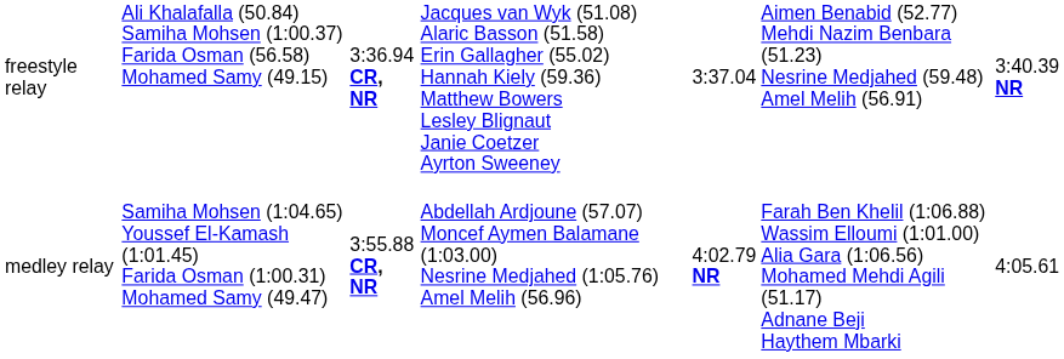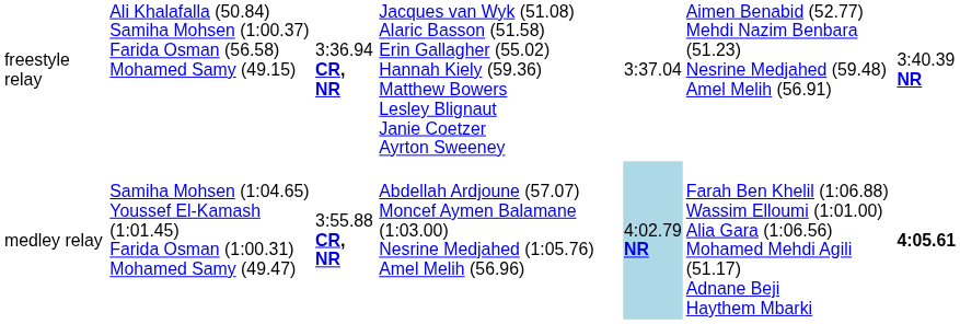 <table>
 <tr>
 <td> freestyle relay<br></td>
 <td valign=top><br><a href='#'>Ali Khalafalla</a> (50.84)<br><a href='#'>Samiha Mohsen</a> (1:00.37)<br><a href='#'>Farida Osman</a> (56.58)<br><a href='#'>Mohamed Samy</a> (49.15)</td>
 <td>3:36.94<br><strong><a href='#'>CR</a>, <a href='#'>NR</a></strong></td>
 <td valign=top><br><a href='#'>Jacques van Wyk</a> (51.08)<br><a href='#'>Alaric Basson</a> (51.58)<br><a href='#'>Erin Gallagher</a> (55.02)<br><a href='#'>Hannah Kiely</a> (59.36)<br><a href='#'>Matthew Bowers</a><br><a href='#'>Lesley Blignaut</a><br><a href='#'>Janie Coetzer</a><br><a href='#'>Ayrton Sweeney</a></td>
 <td>3:37.04</td>
 <td valign=top><br><a href='#'>Aimen Benabid</a> (52.77)<br><a href='#'>Mehdi Nazim Benbara</a> (51.23)<br><a href='#'>Nesrine Medjahed</a> (59.48)<br><a href='#'>Amel Melih</a> (56.91)</td>
 <td>3:40.39<br><strong><a href='#'>NR</a></strong></td>
 </tr>
 <tr>
 <td> medley relay<br></td>
 <td valign=top><br><a href='#'>Samiha Mohsen</a> (1:04.65)<br><a href='#'>Youssef El-Kamash</a> (1:01.45)<br><a href='#'>Farida Osman</a> (1:00.31)<br><a href='#'>Mohamed Samy</a> (49.47)</td>
 <td>3:55.88<br><strong><a href='#'>CR</a>, <a href='#'>NR</a></strong></td>
 <td valign=top><br><a href='#'>Abdellah Ardjoune</a> (57.07)<br><a href='#'>Moncef Aymen Balamane</a> (1:03.00)<br><a href='#'>Nesrine Medjahed</a> (1:05.76)<br><a href='#'>Amel Melih</a> (56.96)</td>
-<td>4:02.79<br><strong><a href='#'>NR</a></strong></td>
+<td style="background: lightblue;">4:02.79<br><strong><a href='#'>NR</a></strong></td>
 <td valign=top><br><a href='#'>Farah Ben Khelil</a> (1:06.88)<br><a href='#'>Wassim Elloumi</a> (1:01.00)<br><a href='#'>Alia Gara</a> (1:06.56)<br><a href='#'>Mohamed Mehdi Agili</a> (51.17)<br><a href='#'>Adnane Beji</a><br><a href='#'>Haythem Mbarki</a></td>
-<td>4:05.61</td>
+<td><strong>4:05.61</strong></td>
 </tr>
 </table>
